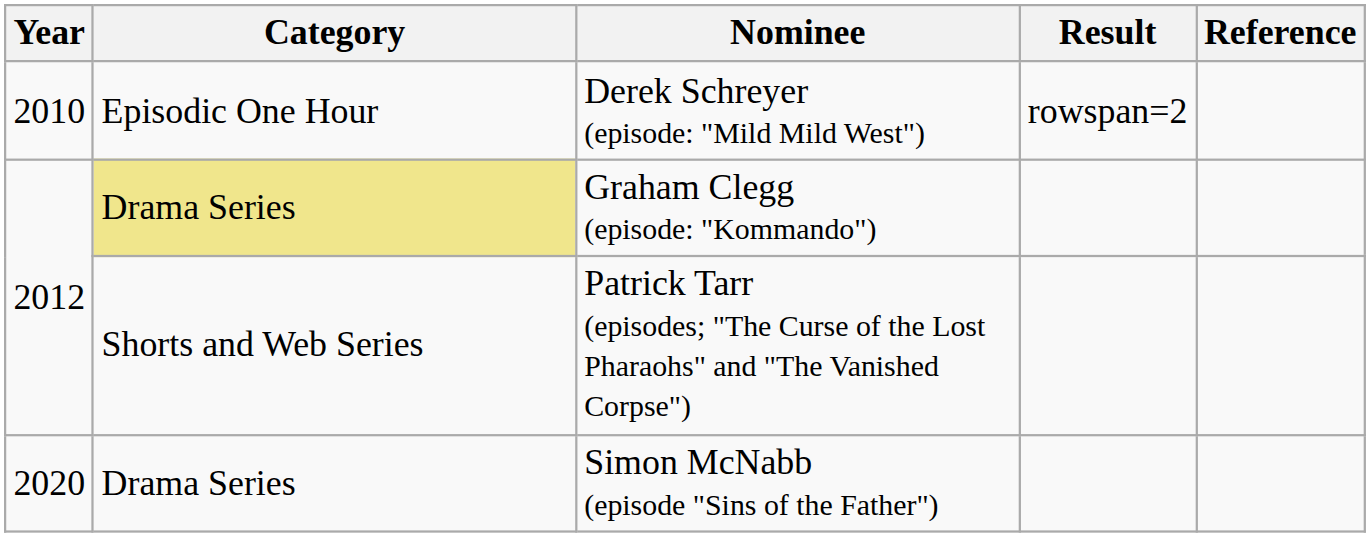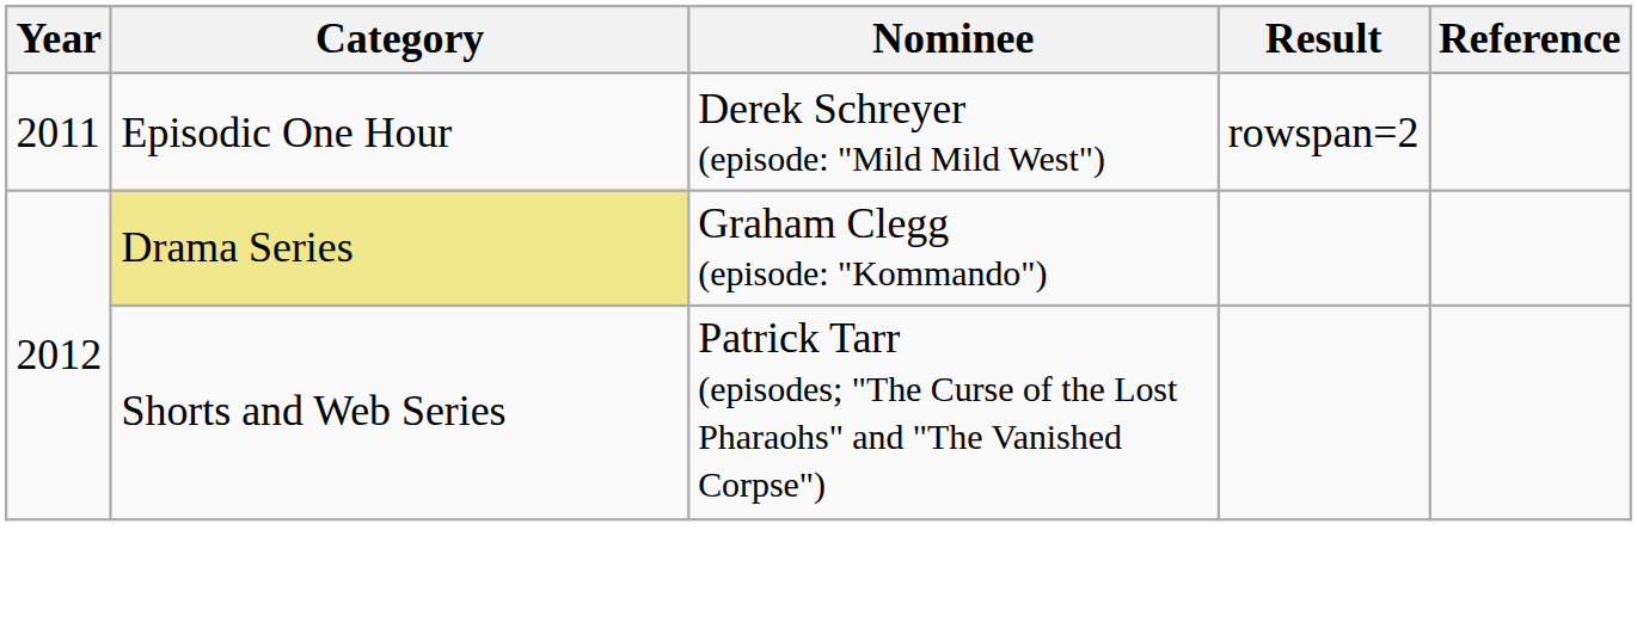 <table class="wikitable">
 <tr>
 <th width=5%>Year</th>
 <th width=45%>Category</th>
 <th width=40%>Nominee</th>
 <th width=10%>Result</th>
 <th width=5%>Reference</th>
 </tr>
 <tr>
-<td>2010</td>
+<td>2011</td>
 <td>Episodic One Hour</td>
 <td>Derek Schreyer<br><small>(episode: "Mild Mild West")</small></td>
 <td>rowspan=2 </td>
 <td></td>
 </tr>
 <tr>
 <td rowspan=2>2012</td>
 <td style="background: khaki;">Drama Series</td>
 <td>Graham Clegg<br><small>(episode: "Kommando")</small></td>
 <td></td>
 </tr>
 <tr>
 <td>Shorts and Web Series</td>
 <td>Patrick Tarr<br><small>(episodes; "The Curse of the Lost Pharaohs" and "The Vanished Corpse")</small></td>
 <td></td>
 <td></td>
 </tr>
-<tr>
-<td>2020</td>
-<td>Drama Series</td>
-<td>Simon McNabb<br><small>(episode "Sins of the Father")</small></td>
-<td></td>
-<td></td>
-</tr>
 </table>
